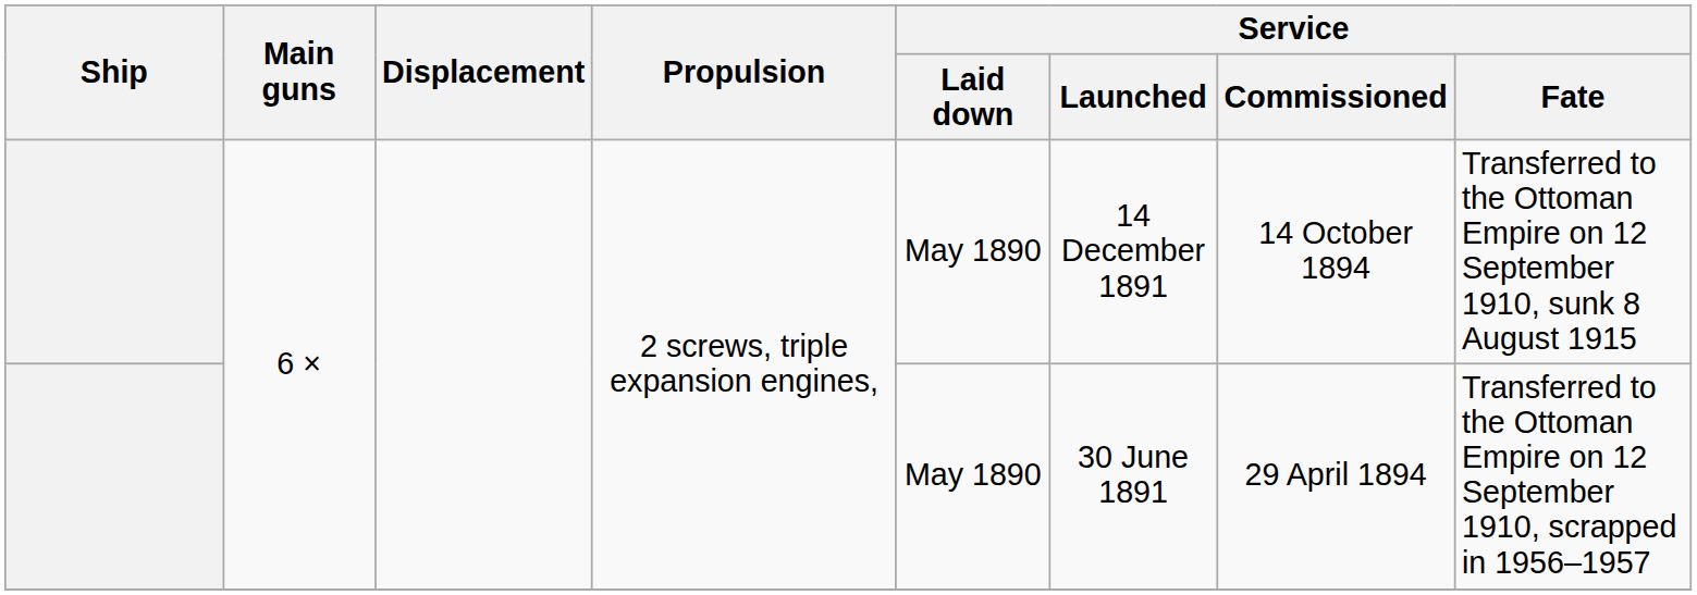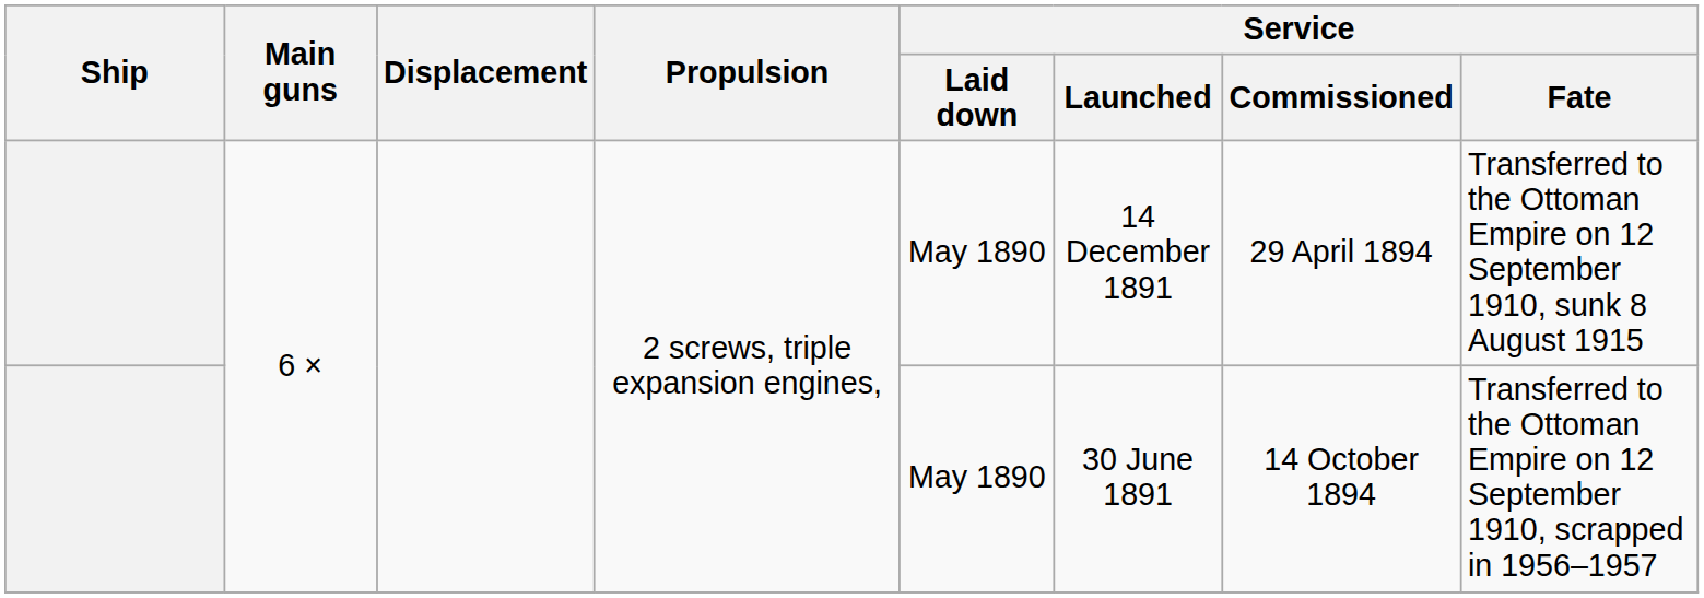 <table class="wikitable" width=98%>
 <tr valign="center"|- valign="center">
 <th width=15%; align= center rowspan=2 scope="col">Ship</th>
 <th width=10%; align= center rowspan=2 scope="col">Main guns</th>
 <th width=10%; align= center rowspan=2 scope="col">Displacement</th>
 <th width=20%; align= center rowspan=2 scope="col">Propulsion</th>
 <th width=40%; align= center colspan=4>Service</th>
 </tr>
 <tr valign="center">
 <th width=10%; align= center scope="col">Laid down</th>
 <th width=10%; align= center scope="col">Launched</th>
 <th width=10%; align= center scope="col">Commissioned</th>
 <th width=20%; align= center scope="col">Fate</th>
 </tr>
 <tr valign="center">
 <th align= left scope="row"></th>
 <td align= center rowspan=2>6 × </td>
 <td align= center rowspan=2></td>
 <td align= center rowspan=2>2 screws, triple expansion engines, </td>
 <td align= center>May 1890</td>
 <td align= center>14 December 1891</td>
-<td align= center>14 October 1894</td>
+<td align= center>29 April 1894</td>
 <td align= left>Transferred to the Ottoman Empire on 12 September 1910, sunk 8 August 1915</td>
 </tr>
 <tr valign="center">
 <th align= left scope="row"></th>
 <td align= center>May 1890</td>
 <td align= center>30 June 1891</td>
-<td align= center>29 April 1894</td>
+<td align= center>14 October 1894</td>
 <td align= left>Transferred to the Ottoman Empire on 12 September 1910, scrapped in 1956–1957</td>
 </tr>
 <tr>
 </tr>
 </table>
